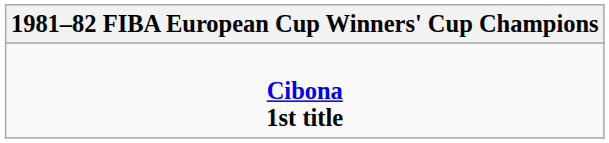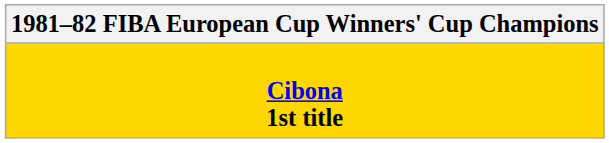 <table class=wikitable style="text-align:center; margin:auto">
 <tr>
 <th>1981–82 FIBA European Cup Winners' Cup Champions</th>
 </tr>
 <tr>
-<td><br> <strong><a href='#'>Cibona</a></strong> <br> <strong>1st title</strong></td>
+<td style="background: gold;"><br> <strong><a href='#'>Cibona</a></strong> <br> <strong>1st title</strong></td>
 </tr>
 </table>
